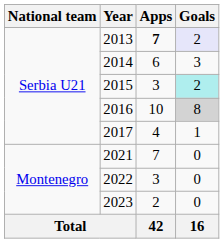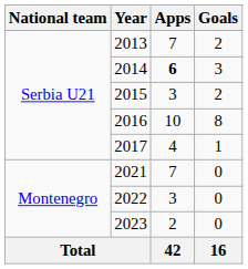 <table class="wikitable" style="text-align:center">
 <tr>
 <th>National team</th>
 <th>Year</th>
 <th>Apps</th>
 <th>Goals</th>
 </tr>
 <tr>
 <td rowspan="5"><a href='#'>Serbia U21</a></td>
 <td>2013</td>
-<td><strong>7</strong></td>
-<td style="background: lavender;">2</td>
+<td>7</td>
+<td>2</td>
 </tr>
 <tr>
 <td>2014</td>
-<td>6</td>
+<td><strong>6</strong></td>
 <td>3</td>
 </tr>
 <tr>
 <td>2015</td>
 <td>3</td>
-<td style="background: paleturquoise;">2</td>
+<td>2</td>
 </tr>
 <tr>
 <td>2016</td>
 <td>10</td>
-<td style="background: lightgrey;">8</td>
+<td>8</td>
 </tr>
 <tr>
 <td>2017</td>
 <td>4</td>
 <td>1</td>
 </tr>
 <tr>
 <td rowspan="3"><a href='#'>Montenegro</a></td>
 <td>2021</td>
 <td>7</td>
 <td>0</td>
 </tr>
 <tr>
 <td>2022</td>
 <td>3</td>
 <td>0</td>
 </tr>
 <tr>
 <td>2023</td>
 <td>2</td>
 <td>0</td>
 </tr>
 <tr>
 <th colspan="2">Total</th>
 <th>42</th>
 <th>16</th>
 </tr>
 </table>
